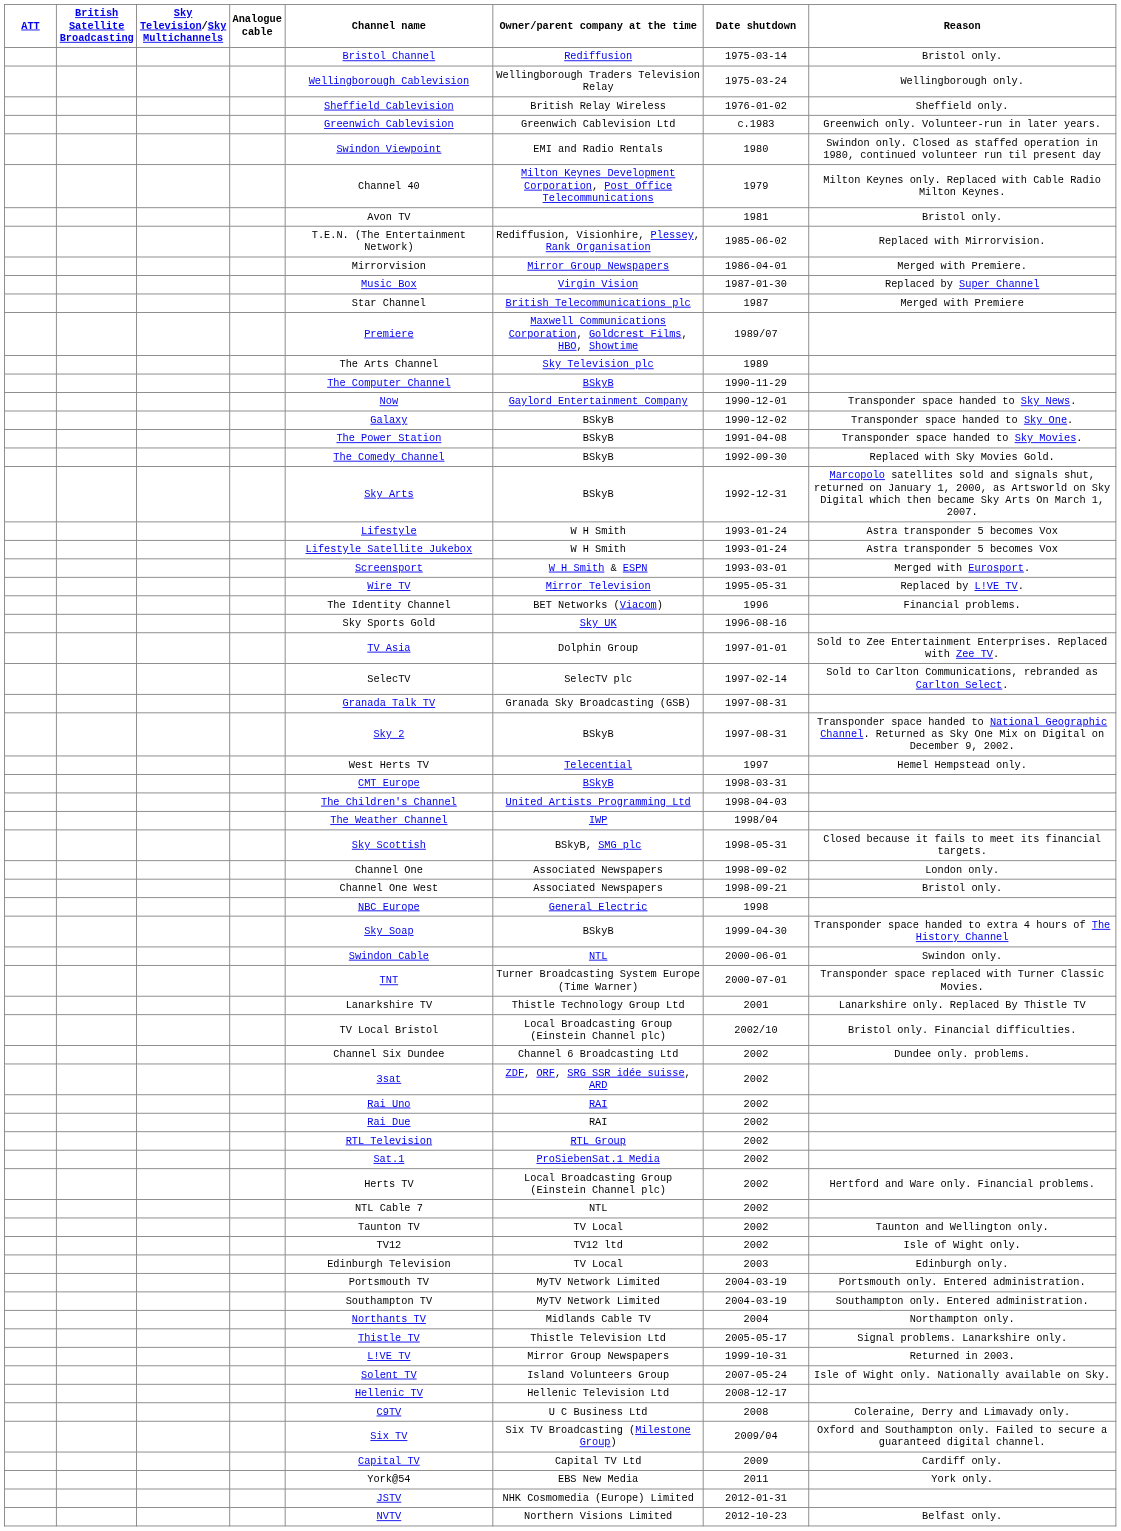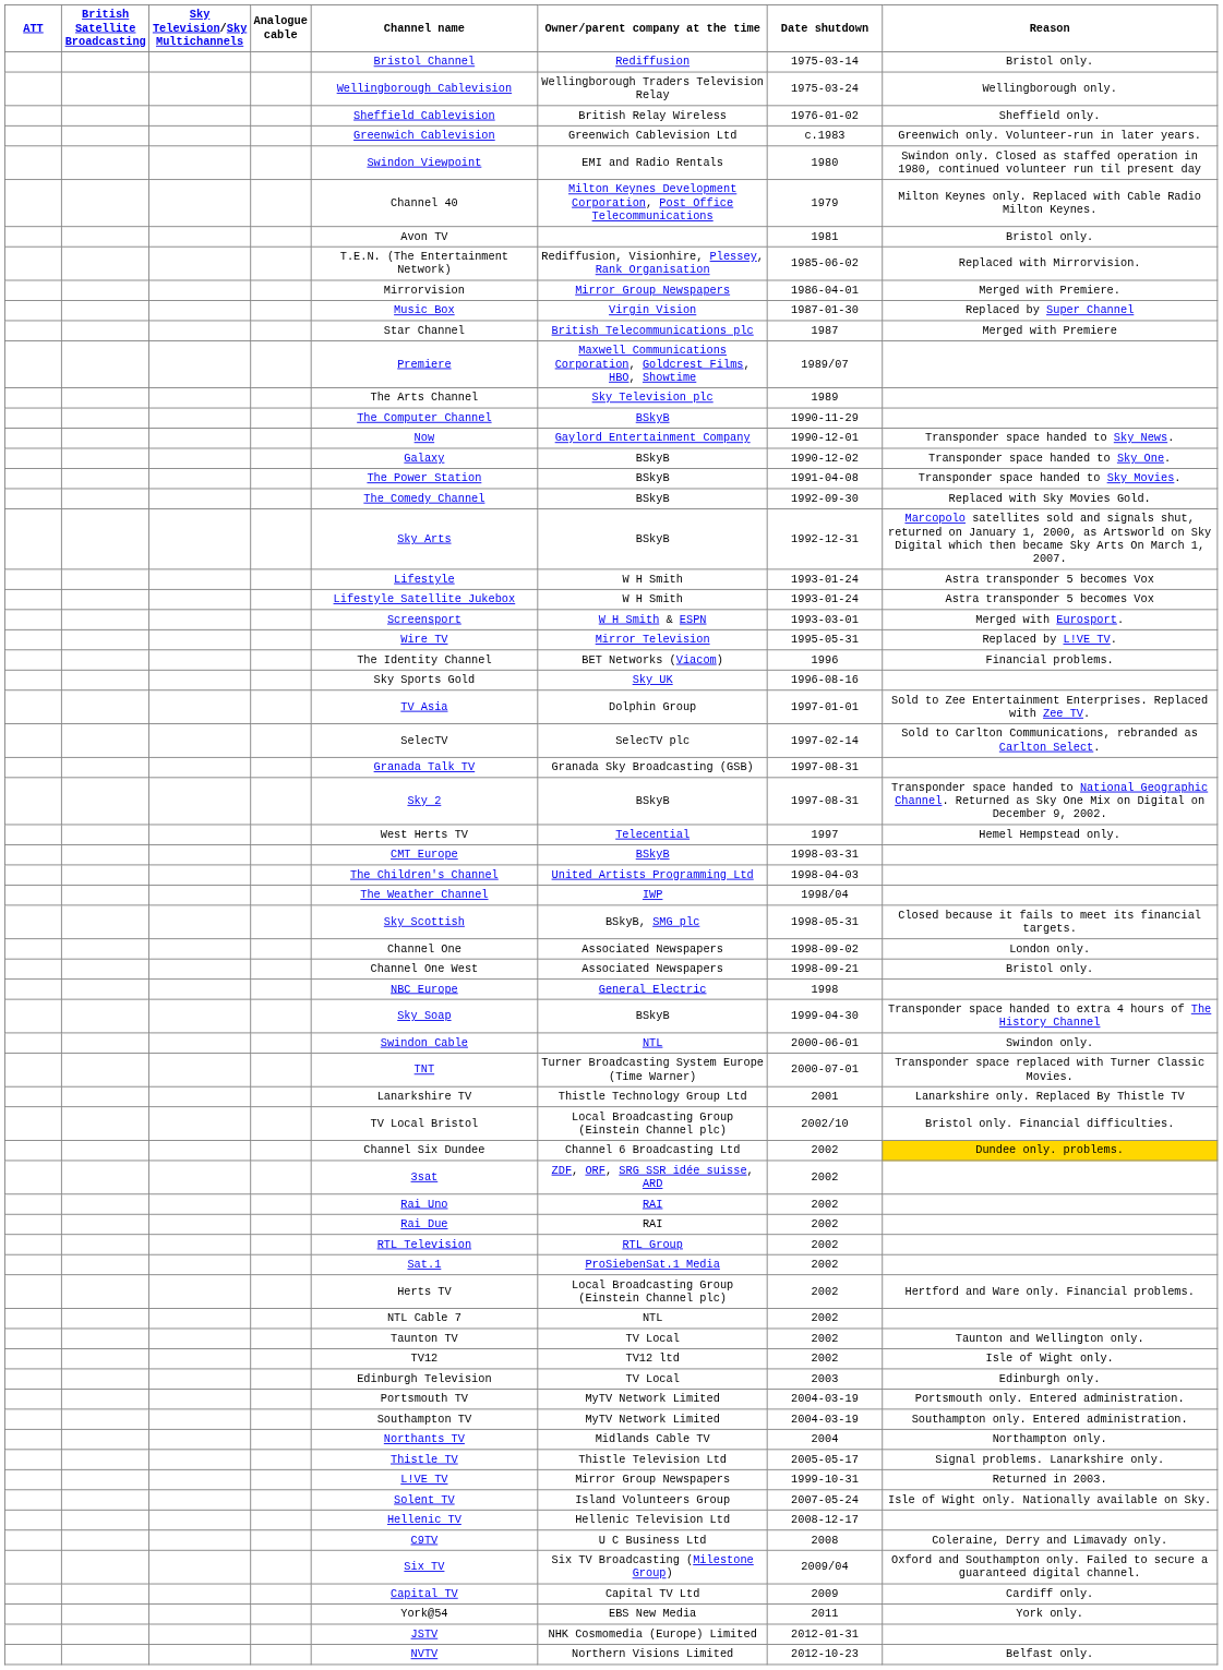 <table class="toccolors sortable" border="1" cellpadding="3" style="border-collapse:collapse; font-size: 90%; text-align:center" width="100%">
 <tr>
 <th width="5%"><a href='#'>ATT</a></th>
 <th width="5%"><a href='#'>British Satellite Broadcasting</a></th>
 <th width="5%"><a href='#'>Sky Television</a>/<a href='#'>Sky Multichannels</a></th>
 <th width="5%">Analogue cable</th>
 <th width="20%">Channel name</th>
 <th width="20%">Owner/parent company at the time</th>
 <th width="10%">Date shutdown </th>
 <th width="30%">Reason</th>
 </tr>
 <tr>
 <td></td>
 <td></td>
 <td></td>
 <td></td>
 <td><a href='#'>Bristol Channel</a></td>
 <td><a href='#'>Rediffusion</a></td>
 <td>1975-03-14</td>
 <td>Bristol only.</td>
 </tr>
 <tr>
 <td></td>
 <td></td>
 <td></td>
 <td></td>
 <td><a href='#'>Wellingborough Cablevision</a></td>
 <td>Wellingborough Traders Television Relay</td>
 <td>1975-03-24</td>
 <td>Wellingborough only.</td>
 </tr>
 <tr>
 <td></td>
 <td></td>
 <td></td>
 <td></td>
 <td><a href='#'>Sheffield Cablevision</a></td>
 <td>British Relay Wireless</td>
 <td>1976-01-02</td>
 <td>Sheffield only.</td>
 </tr>
 <tr>
 <td></td>
 <td></td>
 <td></td>
 <td></td>
 <td><a href='#'>Greenwich Cablevision</a></td>
 <td>Greenwich Cablevision Ltd</td>
 <td>c.1983</td>
 <td>Greenwich only. Volunteer-run in later years.</td>
 </tr>
 <tr>
 <td></td>
 <td></td>
 <td></td>
 <td></td>
 <td><a href='#'>Swindon Viewpoint</a></td>
 <td>EMI and Radio Rentals</td>
 <td>1980</td>
 <td>Swindon only. Closed as staffed operation in 1980, continued volunteer run til present day</td>
 </tr>
 <tr>
 <td></td>
 <td></td>
 <td></td>
 <td></td>
 <td>Channel 40</td>
 <td><a href='#'>Milton Keynes Development Corporation</a>, <a href='#'>Post Office Telecommunications</a></td>
 <td>1979</td>
 <td>Milton Keynes only. Replaced with Cable Radio Milton Keynes.</td>
 </tr>
 <tr>
 <td></td>
 <td></td>
 <td></td>
 <td></td>
 <td>Avon TV</td>
 <td></td>
 <td>1981</td>
 <td>Bristol only.</td>
 </tr>
 <tr>
 <td></td>
 <td></td>
 <td></td>
 <td></td>
 <td>T.E.N. (The Entertainment Network)</td>
 <td>Rediffusion, Visionhire, <a href='#'>Plessey</a>, <a href='#'>Rank Organisation</a></td>
 <td>1985-06-02</td>
 <td>Replaced with Mirrorvision.</td>
 </tr>
 <tr>
 <td></td>
 <td></td>
 <td></td>
 <td></td>
 <td>Mirrorvision</td>
 <td><a href='#'>Mirror Group Newspapers</a></td>
 <td>1986-04-01</td>
 <td>Merged with Premiere.</td>
 </tr>
 <tr>
 <td></td>
 <td></td>
 <td></td>
 <td></td>
 <td><a href='#'>Music Box</a></td>
 <td><a href='#'>Virgin Vision</a></td>
 <td>1987-01-30</td>
 <td>Replaced by <a href='#'>Super Channel</a></td>
 </tr>
 <tr>
 <td></td>
 <td></td>
 <td></td>
 <td></td>
 <td>Star Channel</td>
 <td><a href='#'>British Telecommunications plc</a></td>
 <td>1987</td>
 <td>Merged with Premiere</td>
 </tr>
 <tr>
 <td></td>
 <td></td>
 <td></td>
 <td></td>
 <td><a href='#'>Premiere</a></td>
 <td><a href='#'>Maxwell Communications Corporation</a>, <a href='#'>Goldcrest Films</a>, <a href='#'>HBO</a>, <a href='#'>Showtime</a></td>
 <td>1989/07</td>
 <td></td>
 </tr>
 <tr>
 <td></td>
 <td></td>
 <td></td>
 <td></td>
 <td>The Arts Channel</td>
 <td><a href='#'>Sky Television plc</a></td>
 <td>1989</td>
 <td></td>
 </tr>
 <tr>
 <td></td>
 <td></td>
 <td></td>
 <td></td>
 <td><a href='#'>The Computer Channel</a></td>
 <td><a href='#'>BSkyB</a></td>
 <td>1990-11-29</td>
 <td></td>
 </tr>
 <tr>
 <td></td>
 <td></td>
 <td></td>
 <td></td>
 <td><a href='#'>Now</a></td>
 <td><a href='#'>Gaylord Entertainment Company</a></td>
 <td>1990-12-01</td>
 <td>Transponder space handed to <a href='#'>Sky News</a>.</td>
 </tr>
 <tr>
 <td></td>
 <td></td>
 <td></td>
 <td></td>
 <td><a href='#'>Galaxy</a></td>
 <td>BSkyB</td>
 <td>1990-12-02</td>
 <td>Transponder space handed to <a href='#'>Sky One</a>.</td>
 </tr>
 <tr>
 <td></td>
 <td></td>
 <td></td>
 <td></td>
 <td><a href='#'>The Power Station</a></td>
 <td>BSkyB</td>
 <td>1991-04-08</td>
 <td>Transponder space handed to <a href='#'>Sky Movies</a>.</td>
 </tr>
 <tr>
 <td></td>
 <td></td>
 <td></td>
 <td></td>
 <td><a href='#'>The Comedy Channel</a></td>
 <td>BSkyB</td>
 <td>1992-09-30</td>
 <td>Replaced with Sky Movies Gold.</td>
 </tr>
 <tr>
 <td></td>
 <td></td>
 <td></td>
 <td></td>
 <td><a href='#'>Sky Arts</a></td>
 <td>BSkyB</td>
 <td>1992-12-31</td>
 <td><a href='#'>Marcopolo</a> satellites sold and signals shut, returned on January 1, 2000, as Artsworld on Sky Digital which then became Sky Arts On March 1, 2007.</td>
 </tr>
 <tr>
 <td></td>
 <td></td>
 <td></td>
 <td></td>
 <td><a href='#'>Lifestyle</a></td>
 <td>W H Smith</td>
 <td>1993-01-24</td>
 <td>Astra transponder 5 becomes Vox</td>
 </tr>
 <tr>
 <td></td>
 <td></td>
 <td></td>
 <td></td>
 <td><a href='#'>Lifestyle Satellite Jukebox</a></td>
 <td>W H Smith</td>
 <td>1993-01-24</td>
 <td>Astra transponder 5 becomes Vox</td>
 </tr>
 <tr>
 <td></td>
 <td></td>
 <td></td>
 <td></td>
 <td><a href='#'>Screensport</a></td>
 <td><a href='#'>W H Smith</a> & <a href='#'>ESPN</a></td>
 <td>1993-03-01</td>
 <td>Merged with <a href='#'>Eurosport</a>.</td>
 </tr>
 <tr>
 <td></td>
 <td></td>
 <td></td>
 <td></td>
 <td><a href='#'>Wire TV</a></td>
 <td><a href='#'>Mirror Television</a></td>
 <td>1995-05-31</td>
 <td>Replaced by <a href='#'>L!VE TV</a>.</td>
 </tr>
 <tr>
 <td></td>
 <td></td>
 <td></td>
 <td></td>
 <td>The Identity Channel</td>
 <td>BET Networks (<a href='#'>Viacom</a>)</td>
 <td>1996</td>
 <td>Financial problems.</td>
 </tr>
 <tr>
 <td></td>
 <td></td>
 <td></td>
 <td></td>
 <td>Sky Sports Gold</td>
 <td><a href='#'>Sky UK</a></td>
 <td>1996-08-16</td>
 <td></td>
 </tr>
 <tr>
 <td></td>
 <td></td>
 <td></td>
 <td></td>
 <td><a href='#'>TV Asia</a></td>
 <td>Dolphin Group</td>
 <td>1997-01-01</td>
 <td>Sold to Zee Entertainment Enterprises. Replaced with <a href='#'>Zee TV</a>.</td>
 </tr>
 <tr>
 <td></td>
 <td></td>
 <td></td>
 <td></td>
 <td>SelecTV</td>
 <td>SelecTV plc</td>
 <td>1997-02-14</td>
 <td>Sold to Carlton Communications, rebranded as <a href='#'>Carlton Select</a>.</td>
 </tr>
 <tr>
 <td></td>
 <td></td>
 <td></td>
 <td></td>
 <td><a href='#'>Granada Talk TV</a></td>
 <td>Granada Sky Broadcasting (GSB)</td>
 <td>1997-08-31</td>
 <td></td>
 </tr>
 <tr>
 <td></td>
 <td></td>
 <td></td>
 <td></td>
 <td><a href='#'>Sky 2</a></td>
 <td>BSkyB</td>
 <td>1997-08-31</td>
 <td>Transponder space handed to <a href='#'>National Geographic Channel</a>. Returned as Sky One Mix on Digital on December 9, 2002.</td>
 </tr>
 <tr>
 <td></td>
 <td></td>
 <td></td>
 <td></td>
 <td>West Herts TV</td>
 <td><a href='#'>Telecential</a></td>
 <td>1997</td>
 <td>Hemel Hempstead only.</td>
 </tr>
 <tr>
 <td></td>
 <td></td>
 <td></td>
 <td></td>
 <td><a href='#'>CMT Europe</a></td>
 <td><a href='#'>BSkyB</a></td>
 <td>1998-03-31</td>
 <td></td>
 </tr>
 <tr>
 <td></td>
 <td></td>
 <td></td>
 <td></td>
 <td><a href='#'>The Children's Channel</a></td>
 <td><a href='#'>United Artists Programming Ltd</a></td>
 <td>1998-04-03</td>
 <td></td>
 </tr>
 <tr>
 <td></td>
 <td></td>
 <td></td>
 <td></td>
 <td><a href='#'>The Weather Channel</a></td>
 <td><a href='#'>IWP</a></td>
 <td>1998/04</td>
 <td></td>
 </tr>
 <tr>
 <td></td>
 <td></td>
 <td></td>
 <td></td>
 <td><a href='#'>Sky Scottish</a></td>
 <td>BSkyB, <a href='#'>SMG plc</a></td>
 <td>1998-05-31</td>
 <td>Closed because it fails to meet its financial targets.</td>
 </tr>
 <tr>
 <td></td>
 <td></td>
 <td></td>
 <td></td>
 <td>Channel One</td>
 <td>Associated Newspapers</td>
 <td>1998-09-02</td>
 <td>London only.</td>
 </tr>
 <tr>
 <td></td>
 <td></td>
 <td></td>
 <td></td>
 <td>Channel One West</td>
 <td>Associated Newspapers</td>
 <td>1998-09-21</td>
 <td>Bristol only.</td>
 </tr>
 <tr>
 <td></td>
 <td></td>
 <td></td>
 <td></td>
 <td><a href='#'>NBC Europe</a></td>
 <td><a href='#'>General Electric</a></td>
 <td>1998</td>
 <td></td>
 </tr>
 <tr>
 <td></td>
 <td></td>
 <td></td>
 <td></td>
 <td><a href='#'>Sky Soap</a></td>
 <td>BSkyB</td>
 <td>1999-04-30</td>
 <td>Transponder space handed to extra 4 hours of <a href='#'>The History Channel</a></td>
 </tr>
 <tr>
 <td></td>
 <td></td>
 <td></td>
 <td></td>
 <td><a href='#'>Swindon Cable</a></td>
 <td><a href='#'>NTL</a></td>
 <td>2000-06-01</td>
 <td>Swindon only.</td>
 </tr>
 <tr>
 <td></td>
 <td></td>
 <td></td>
 <td></td>
 <td><a href='#'>TNT</a></td>
 <td>Turner Broadcasting System Europe (Time Warner)</td>
 <td>2000-07-01</td>
 <td>Transponder space replaced with Turner Classic Movies.</td>
 </tr>
 <tr>
 <td></td>
 <td></td>
 <td></td>
 <td></td>
 <td>Lanarkshire TV</td>
 <td>Thistle Technology Group Ltd</td>
 <td>2001</td>
 <td>Lanarkshire only. Replaced By Thistle TV</td>
 </tr>
 <tr>
 <td></td>
 <td></td>
 <td></td>
 <td></td>
 <td>TV Local Bristol</td>
 <td>Local Broadcasting Group (Einstein Channel plc)</td>
 <td>2002/10</td>
 <td>Bristol only. Financial difficulties.</td>
 </tr>
 <tr>
 <td></td>
 <td></td>
 <td></td>
 <td></td>
 <td>Channel Six Dundee</td>
 <td>Channel 6 Broadcasting Ltd</td>
 <td>2002</td>
-<td>Dundee only. problems.</td>
+<td style="background: gold;">Dundee only. problems.</td>
 </tr>
 <tr>
 <td></td>
 <td></td>
 <td></td>
 <td></td>
 <td><a href='#'>3sat</a></td>
 <td><a href='#'>ZDF</a>, <a href='#'>ORF</a>, <a href='#'>SRG SSR idée suisse</a>, <a href='#'>ARD</a></td>
 <td>2002</td>
 <td></td>
 </tr>
 <tr>
 <td></td>
 <td></td>
 <td></td>
 <td></td>
 <td><a href='#'>Rai Uno</a></td>
 <td><a href='#'>RAI</a></td>
 <td>2002</td>
 <td></td>
 </tr>
 <tr>
 <td></td>
 <td></td>
 <td></td>
 <td></td>
 <td><a href='#'>Rai Due</a></td>
 <td>RAI</td>
 <td>2002</td>
 <td></td>
 </tr>
 <tr>
 <td></td>
 <td></td>
 <td></td>
 <td></td>
 <td><a href='#'>RTL Television</a></td>
 <td><a href='#'>RTL Group</a></td>
 <td>2002</td>
 <td></td>
 </tr>
 <tr>
 <td></td>
 <td></td>
 <td></td>
 <td></td>
 <td><a href='#'>Sat.1</a></td>
 <td><a href='#'>ProSiebenSat.1 Media</a></td>
 <td>2002</td>
 <td></td>
 </tr>
 <tr>
 <td></td>
 <td></td>
 <td></td>
 <td></td>
 <td>Herts TV</td>
 <td>Local Broadcasting Group (Einstein Channel plc)</td>
 <td>2002</td>
 <td>Hertford and Ware only. Financial problems.</td>
 </tr>
 <tr>
 <td></td>
 <td></td>
 <td></td>
 <td></td>
 <td>NTL Cable 7</td>
 <td>NTL</td>
 <td>2002</td>
 <td></td>
 </tr>
 <tr>
 <td></td>
 <td></td>
 <td></td>
 <td></td>
 <td>Taunton TV</td>
 <td>TV Local</td>
 <td>2002</td>
 <td>Taunton and Wellington only.</td>
 </tr>
 <tr>
 <td></td>
 <td></td>
 <td></td>
 <td></td>
 <td>TV12</td>
 <td>TV12 ltd</td>
 <td>2002</td>
 <td>Isle of Wight only.</td>
 </tr>
 <tr>
 <td></td>
 <td></td>
 <td></td>
 <td></td>
 <td>Edinburgh Television</td>
 <td>TV Local</td>
 <td>2003</td>
 <td>Edinburgh only.</td>
 </tr>
 <tr>
 <td></td>
 <td></td>
 <td></td>
 <td></td>
 <td>Portsmouth TV</td>
 <td>MyTV Network Limited</td>
 <td>2004-03-19</td>
 <td>Portsmouth only. Entered administration.</td>
 </tr>
 <tr>
 <td></td>
 <td></td>
 <td></td>
 <td></td>
 <td>Southampton TV</td>
 <td>MyTV Network Limited</td>
 <td>2004-03-19</td>
 <td>Southampton only. Entered administration.</td>
 </tr>
 <tr>
 <td></td>
 <td></td>
 <td></td>
 <td></td>
 <td><a href='#'>Northants TV</a></td>
 <td>Midlands Cable TV</td>
 <td>2004</td>
 <td>Northampton only.</td>
 </tr>
 <tr>
 <td></td>
 <td></td>
 <td></td>
 <td></td>
 <td><a href='#'>Thistle TV</a></td>
 <td>Thistle Television Ltd</td>
 <td>2005-05-17</td>
 <td>Signal problems. Lanarkshire only.</td>
 </tr>
 <tr>
 <td></td>
 <td></td>
 <td></td>
 <td></td>
 <td><a href='#'>L!VE TV</a></td>
 <td>Mirror Group Newspapers</td>
 <td>1999-10-31</td>
 <td>Returned in 2003.</td>
 </tr>
 <tr>
 <td></td>
 <td></td>
 <td></td>
 <td></td>
 <td><a href='#'>Solent TV</a></td>
 <td>Island Volunteers Group</td>
 <td>2007-05-24</td>
 <td>Isle of Wight only. Nationally available on Sky.</td>
 </tr>
 <tr>
 <td></td>
 <td></td>
 <td></td>
 <td></td>
 <td><a href='#'>Hellenic TV</a></td>
 <td>Hellenic Television Ltd</td>
 <td>2008-12-17</td>
 <td></td>
 </tr>
 <tr>
 <td></td>
 <td></td>
 <td></td>
 <td></td>
 <td><a href='#'>C9TV</a></td>
 <td>U C Business Ltd</td>
 <td>2008</td>
 <td>Coleraine, Derry and Limavady only.</td>
 </tr>
 <tr>
 <td></td>
 <td></td>
 <td></td>
 <td></td>
 <td><a href='#'>Six TV</a></td>
 <td>Six TV Broadcasting (<a href='#'>Milestone Group</a>)</td>
 <td>2009/04</td>
 <td>Oxford and Southampton only. Failed to secure a guaranteed digital channel.</td>
 </tr>
 <tr>
 <td></td>
 <td></td>
 <td></td>
 <td></td>
 <td><a href='#'>Capital TV</a></td>
 <td>Capital TV Ltd</td>
 <td>2009</td>
 <td>Cardiff only.</td>
 </tr>
 <tr>
 <td></td>
 <td></td>
 <td></td>
 <td></td>
 <td>York@54</td>
 <td>EBS New Media</td>
 <td>2011</td>
 <td>York only.</td>
 </tr>
 <tr>
 <td></td>
 <td></td>
 <td></td>
 <td></td>
 <td><a href='#'>JSTV</a></td>
 <td>NHK Cosmomedia (Europe) Limited</td>
 <td>2012-01-31</td>
 <td></td>
 </tr>
 <tr>
 <td></td>
 <td></td>
 <td></td>
 <td></td>
 <td><a href='#'>NVTV</a></td>
 <td>Northern Visions Limited</td>
 <td>2012-10-23</td>
 <td>Belfast only.</td>
 </tr>
 </table>
